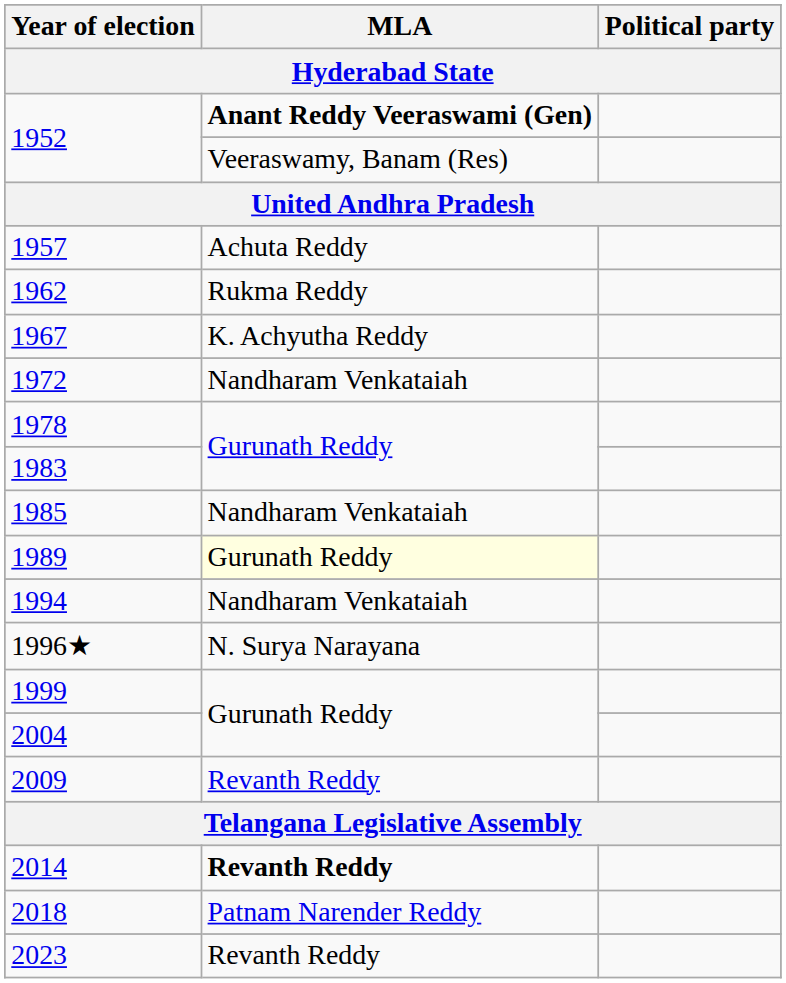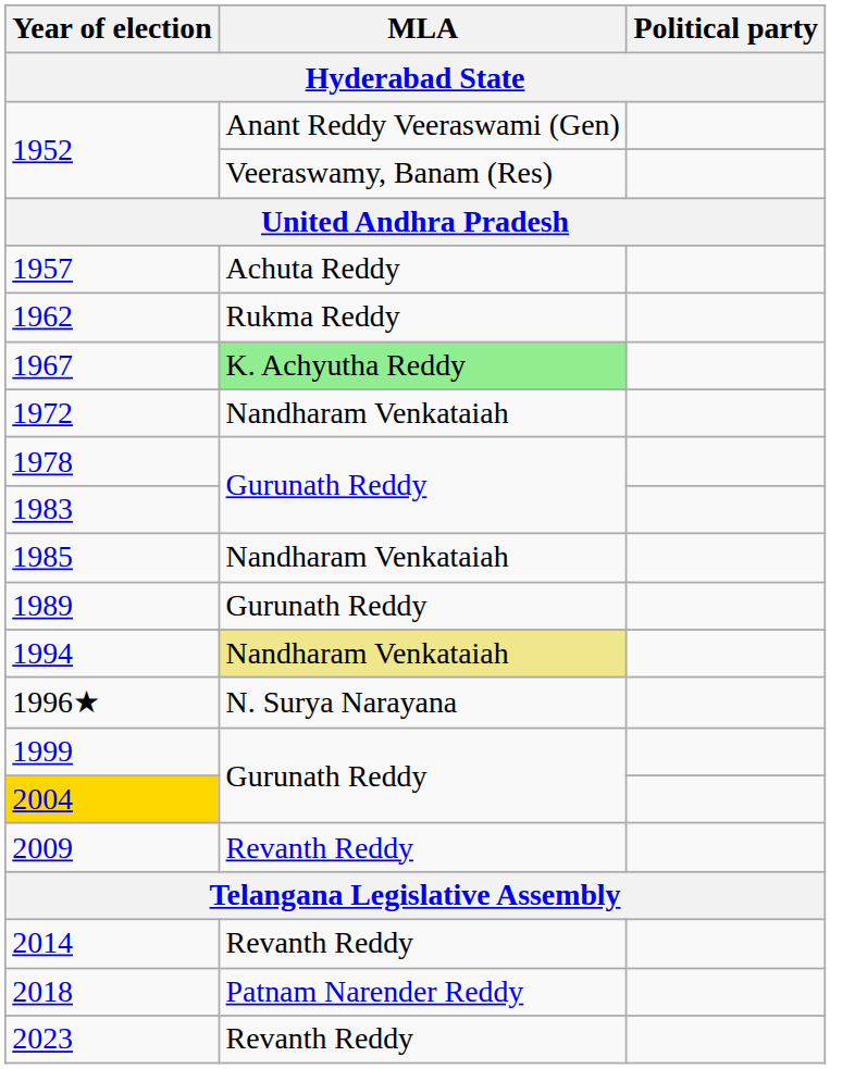 <table class="wikitable sortable">
 <tr>
 <th>Year of election</th>
 <th>MLA</th>
 <th colspan="2">Political party</th>
 </tr>
 <tr>
 <th colspan=4><a href='#'>Hyderabad State</a></th>
 </tr>
 <tr>
 <td rowspan="2"><a href='#'>1952</a></td>
-<td><strong>Anant Reddy Veeraswami (Gen)</strong></td>
+<td>Anant Reddy Veeraswami (Gen)</td>
 <td></td>
 </tr>
 <tr>
 <td>Veeraswamy, Banam (Res)</td>
 <td></td>
 </tr>
 <tr>
 <th colspan=4><a href='#'>United Andhra Pradesh</a></th>
 </tr>
 <tr>
 <td><a href='#'>1957</a></td>
 <td>Achuta Reddy</td>
 <td></td>
 </tr>
 <tr>
 <td><a href='#'>1962</a></td>
 <td>Rukma Reddy</td>
 <td></td>
 </tr>
 <tr>
 <td><a href='#'>1967</a></td>
-<td>K. Achyutha Reddy</td>
+<td style="background: lightgreen;">K. Achyutha Reddy</td>
 <td></td>
 </tr>
 <tr>
 <td><a href='#'>1972</a></td>
 <td>Nandharam Venkataiah</td>
 <td></td>
 </tr>
 <tr>
 <td><a href='#'>1978</a></td>
 <td rowspan="2"><a href='#'>Gurunath Reddy</a></td>
 </tr>
 <tr>
 <td><a href='#'>1983</a></td>
 <td></td>
 </tr>
 <tr>
 <td><a href='#'>1985</a></td>
 <td>Nandharam Venkataiah</td>
 <td></td>
 </tr>
 <tr>
 <td><a href='#'>1989</a></td>
-<td style="background: lightyellow;">Gurunath Reddy</td>
+<td>Gurunath Reddy</td>
 <td></td>
 </tr>
 <tr>
 <td><a href='#'>1994</a></td>
-<td>Nandharam Venkataiah</td>
+<td style="background: khaki;">Nandharam Venkataiah</td>
 <td></td>
 </tr>
 <tr>
 <td>1996★</td>
 <td>N. Surya Narayana</td>
 </tr>
 <tr>
 <td><a href='#'>1999</a></td>
 <td rowspan="2">Gurunath Reddy</td>
 <td></td>
 </tr>
 <tr>
-<td><a href='#'>2004</a></td>
+<td style="background: gold;"><a href='#'>2004</a></td>
 </tr>
 <tr>
 <td><a href='#'>2009</a></td>
 <td><a href='#'>Revanth Reddy</a></td>
 <td></td>
 </tr>
 <tr>
 <th colspan=4><a href='#'>Telangana Legislative Assembly</a></th>
 </tr>
 <tr>
 <td><a href='#'>2014</a></td>
-<td><strong>Revanth Reddy</strong></td>
+<td>Revanth Reddy</td>
 <td></td>
 </tr>
 <tr>
 <td><a href='#'>2018</a></td>
 <td><a href='#'>Patnam Narender Reddy</a></td>
 <td></td>
 </tr>
 <tr>
 <td><a href='#'>2023</a></td>
 <td>Revanth Reddy</td>
 <td></td>
 </tr>
 </table>
